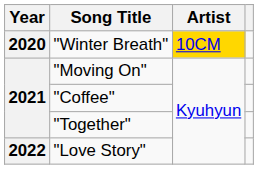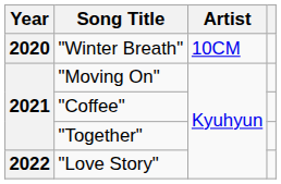 <table class="wikitable plainrowheaders sortable">
 <tr>
 <th scope="col">Year</th>
 <th scope="col">Song Title</th>
 <th scope="col">Artist</th>
 <th scope="col" class="unsortable"></th>
 </tr>
 <tr>
 <th scope="row">2020</th>
 <td>"Winter Breath"</td>
-<td style="background: gold;"><a href='#'>10CM</a></td>
+<td><a href='#'>10CM</a></td>
 <td style="text-align:center"></td>
 </tr>
 <tr>
 <th scope="row" rowspan="3">2021</th>
 <td>"Moving On"</td>
 <td rowspan="4"><a href='#'>Kyuhyun</a></td>
 <td style="text-align:center"></td>
 </tr>
 <tr>
 <td>"Coffee"</td>
 <td style="text-align:center"></td>
 </tr>
 <tr>
 <td>"Together"</td>
 <td style="text-align:center"></td>
 </tr>
 <tr>
 <th scope="row">2022</th>
 <td>"Love Story"</td>
 <td style="text-align:center"></td>
 </tr>
 </table>
